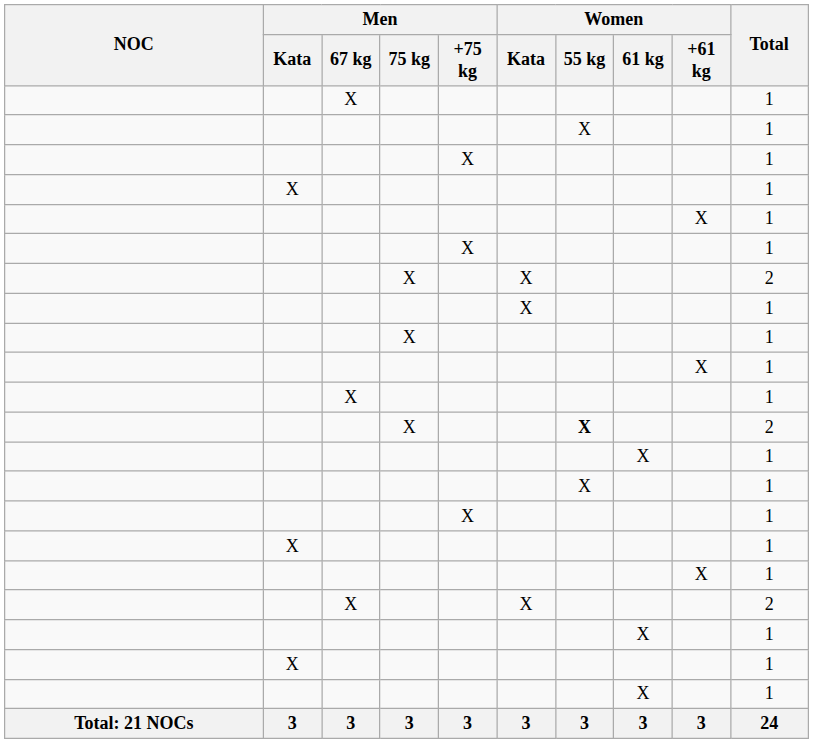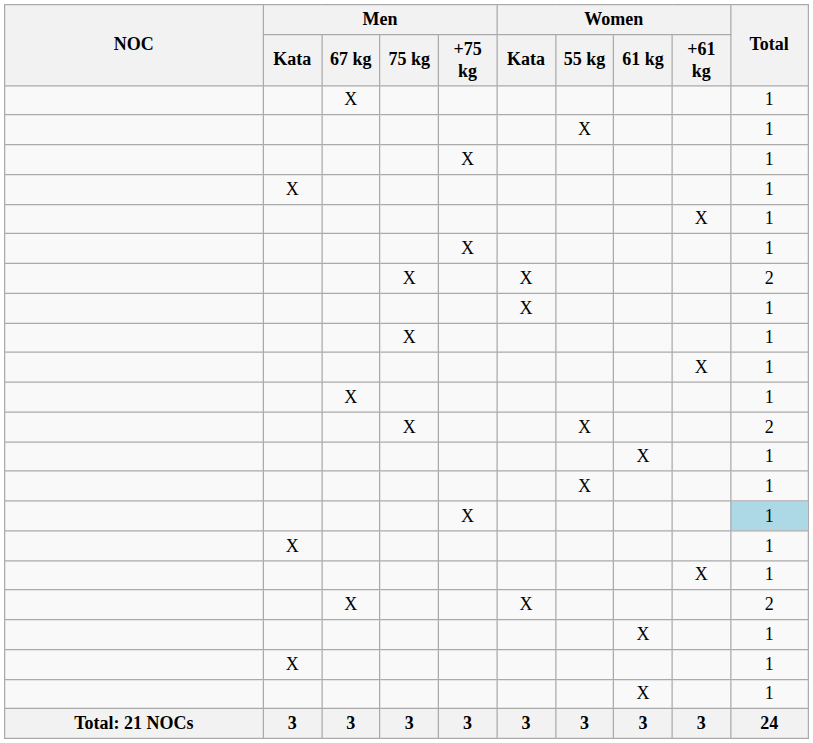 <table class="wikitable" style="text-align:center; font-size:90%">
 <tr>
 <th rowspan="2" align="left" width="200">NOC</th>
 <th colspan="4">Men</th>
 <th colspan="4">Women</th>
 <th rowspan="2" width="55">Total</th>
 </tr>
 <tr>
 <th width="40">Kata</th>
 <th width="40">67 kg</th>
 <th width="40">75 kg</th>
 <th width="40">+75 kg</th>
 <th width="40">Kata</th>
 <th width="40">55 kg</th>
 <th width="40">61 kg</th>
 <th width="40">+61 kg</th>
 </tr>
 <tr>
 <td align=left></td>
 <td></td>
 <td>X</td>
 <td></td>
 <td></td>
 <td></td>
 <td></td>
 <td></td>
 <td></td>
 <td>1</td>
 </tr>
 <tr>
 <td align=left></td>
 <td></td>
 <td></td>
 <td></td>
 <td></td>
 <td></td>
 <td>X</td>
 <td></td>
 <td></td>
 <td>1</td>
 </tr>
 <tr>
 <td align=left></td>
 <td></td>
 <td></td>
 <td></td>
 <td>X</td>
 <td></td>
 <td></td>
 <td></td>
 <td></td>
 <td>1</td>
 </tr>
 <tr>
 <td align=left></td>
 <td>X</td>
 <td></td>
 <td></td>
 <td></td>
 <td></td>
 <td></td>
 <td></td>
 <td></td>
 <td>1</td>
 </tr>
 <tr>
 <td align=left></td>
 <td></td>
 <td></td>
 <td></td>
 <td></td>
 <td></td>
 <td></td>
 <td></td>
 <td>X</td>
 <td>1</td>
 </tr>
 <tr>
 <td align=left></td>
 <td></td>
 <td></td>
 <td></td>
 <td>X</td>
 <td></td>
 <td></td>
 <td></td>
 <td></td>
 <td>1</td>
 </tr>
 <tr>
 <td align=left></td>
 <td></td>
 <td></td>
 <td>X</td>
 <td></td>
 <td>X</td>
 <td></td>
 <td></td>
 <td></td>
 <td>2</td>
 </tr>
 <tr>
 <td align=left></td>
 <td></td>
 <td></td>
 <td></td>
 <td></td>
 <td>X</td>
 <td></td>
 <td></td>
 <td></td>
 <td>1</td>
 </tr>
 <tr>
 <td align=left></td>
 <td></td>
 <td></td>
 <td>X</td>
 <td></td>
 <td></td>
 <td></td>
 <td></td>
 <td></td>
 <td>1</td>
 </tr>
 <tr>
 <td align=left></td>
 <td></td>
 <td></td>
 <td></td>
 <td></td>
 <td></td>
 <td></td>
 <td></td>
 <td>X</td>
 <td>1</td>
 </tr>
 <tr>
 <td align=left></td>
 <td></td>
 <td>X</td>
 <td></td>
 <td></td>
 <td></td>
 <td></td>
 <td></td>
 <td></td>
 <td>1</td>
 </tr>
 <tr>
 <td align=left></td>
 <td></td>
 <td></td>
 <td>X</td>
 <td></td>
 <td></td>
-<td><strong>X</strong></td>
+<td>X</td>
 <td></td>
 <td></td>
 <td>2</td>
 </tr>
 <tr>
 <td align=left></td>
 <td></td>
 <td></td>
 <td></td>
 <td></td>
 <td></td>
 <td></td>
 <td>X</td>
 <td></td>
 <td>1</td>
 </tr>
 <tr>
 <td align=left></td>
 <td></td>
 <td></td>
 <td></td>
 <td></td>
 <td></td>
 <td>X</td>
 <td></td>
 <td></td>
 <td>1</td>
 </tr>
 <tr>
 <td align=left></td>
 <td></td>
 <td></td>
 <td></td>
 <td>X</td>
 <td></td>
 <td></td>
 <td></td>
 <td></td>
-<td>1</td>
+<td style="background: lightblue;">1</td>
 </tr>
 <tr>
 <td align=left></td>
 <td>X</td>
 <td></td>
 <td></td>
 <td></td>
 <td></td>
 <td></td>
 <td></td>
 <td></td>
 <td>1</td>
 </tr>
 <tr>
 <td align=left></td>
 <td></td>
 <td></td>
 <td></td>
 <td></td>
 <td></td>
 <td></td>
 <td></td>
 <td>X</td>
 <td>1</td>
 </tr>
 <tr>
 <td align=left></td>
 <td></td>
 <td>X</td>
 <td></td>
 <td></td>
 <td>X</td>
 <td></td>
 <td></td>
 <td></td>
 <td>2</td>
 </tr>
 <tr>
 <td align=left></td>
 <td></td>
 <td></td>
 <td></td>
 <td></td>
 <td></td>
 <td></td>
 <td>X</td>
 <td></td>
 <td>1</td>
 </tr>
 <tr>
 <td align=left></td>
 <td>X</td>
 <td></td>
 <td></td>
 <td></td>
 <td></td>
 <td></td>
 <td></td>
 <td></td>
 <td>1</td>
 </tr>
 <tr>
 <td align=left></td>
 <td></td>
 <td></td>
 <td></td>
 <td></td>
 <td></td>
 <td></td>
 <td>X</td>
 <td></td>
 <td>1</td>
 </tr>
 <tr>
 <th>Total: 21 NOCs</th>
 <th>3</th>
 <th>3</th>
 <th>3</th>
 <th>3</th>
 <th>3</th>
 <th>3</th>
 <th>3</th>
 <th>3</th>
 <th>24</th>
 </tr>
 </table>
